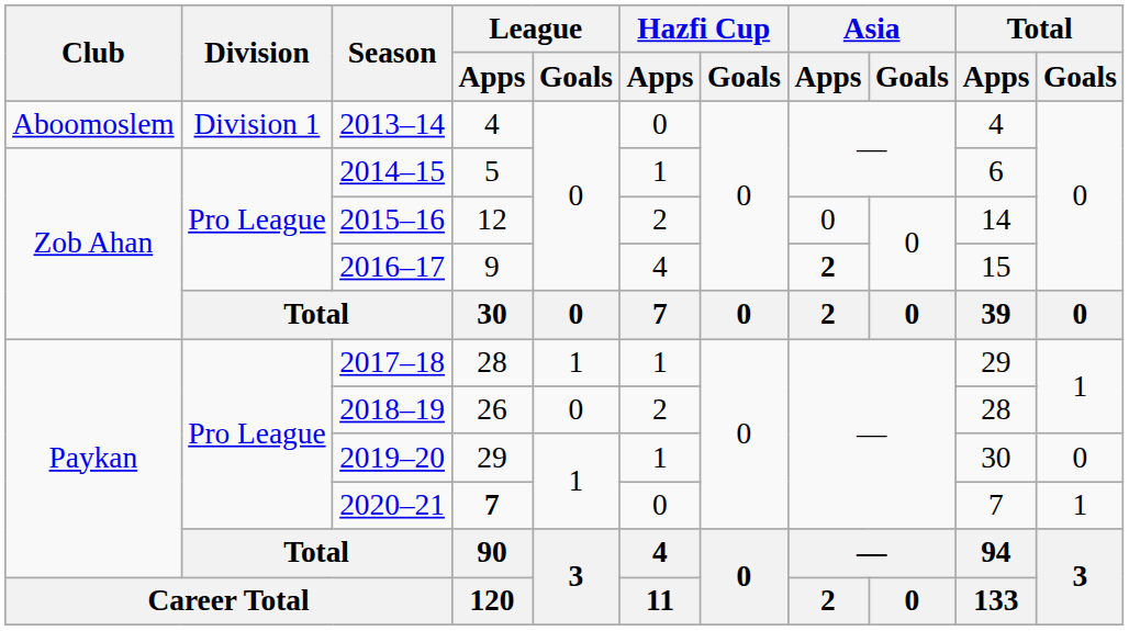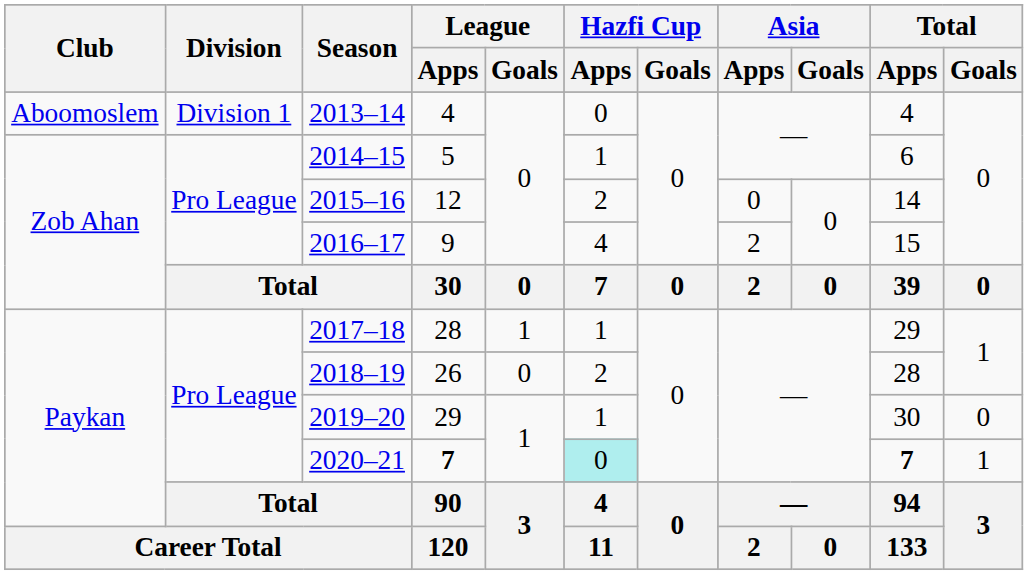 <table class="wikitable sortable" style="text-align: center;">
 <tr>
 <th rowspan="2">Club</th>
 <th rowspan="2">Division</th>
 <th rowspan="2">Season</th>
 <th colspan="2">League</th>
 <th colspan="2"><a href='#'>Hazfi Cup</a></th>
 <th colspan="2"><a href='#'>Asia</a></th>
 <th colspan="2">Total</th>
 </tr>
 <tr>
 <th>Apps</th>
 <th>Goals</th>
 <th>Apps</th>
 <th>Goals</th>
 <th>Apps</th>
 <th>Goals</th>
 <th>Apps</th>
 <th>Goals</th>
 </tr>
 <tr>
 <td><a href='#'>Aboomoslem</a></td>
 <td><a href='#'>Division 1</a></td>
 <td><a href='#'>2013–14</a></td>
 <td>4</td>
 <td rowspan="4">0</td>
 <td>0</td>
 <td rowspan="4">0</td>
 <td colspan="2" rowspan="2">—</td>
 <td>4</td>
 <td rowspan="4">0</td>
 </tr>
 <tr>
 <td rowspan="4"><a href='#'>Zob Ahan</a></td>
 <td rowspan="3"><a href='#'>Pro League</a></td>
 <td><a href='#'>2014–15</a></td>
 <td>5</td>
 <td>1</td>
 <td>6</td>
 </tr>
 <tr>
 <td><a href='#'>2015–16</a></td>
 <td>12</td>
 <td>2</td>
 <td>0</td>
 <td rowspan="2">0</td>
 <td>14</td>
 </tr>
 <tr>
 <td><a href='#'>2016–17</a></td>
 <td>9</td>
 <td>4</td>
-<td><strong>2</strong></td>
+<td>2</td>
 <td>15</td>
 </tr>
 <tr>
 <th colspan=2>Total</th>
 <th>30</th>
 <th>0</th>
 <th>7</th>
 <th>0</th>
 <th>2</th>
 <th>0</th>
 <th>39</th>
 <th>0</th>
 </tr>
 <tr>
 <td rowspan="5"><a href='#'>Paykan</a></td>
 <td rowspan="4"><a href='#'>Pro League</a></td>
 <td><a href='#'>2017–18</a></td>
 <td>28</td>
 <td>1</td>
 <td>1</td>
 <td rowspan="4">0</td>
 <td colspan="2" rowspan="4">—</td>
 <td>29</td>
 <td rowspan="2">1</td>
 </tr>
 <tr>
 <td><a href='#'>2018–19</a></td>
 <td>26</td>
 <td>0</td>
 <td>2</td>
 <td>28</td>
 </tr>
 <tr>
 <td><a href='#'>2019–20</a></td>
 <td>29</td>
 <td rowspan="2">1</td>
 <td>1</td>
 <td>30</td>
 <td>0</td>
 </tr>
 <tr>
 <td><a href='#'>2020–21</a></td>
 <td><strong>7</strong></td>
-<td>0</td>
-<td>7</td>
+<td style="background: paleturquoise;">0</td>
+<td><strong>7</strong></td>
 <td>1</td>
 </tr>
 <tr>
 <th colspan=2>Total</th>
 <th>90</th>
 <th rowspan="2">3</th>
 <th>4</th>
 <th rowspan="2">0</th>
 <th colspan=2>—</th>
 <th>94</th>
 <th rowspan="2">3</th>
 </tr>
 <tr>
 <th colspan=3>Career Total</th>
 <th>120</th>
 <th>11</th>
 <th>2</th>
 <th>0</th>
 <th>133</th>
 </tr>
 </table>
